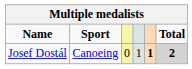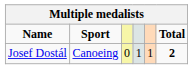 <table class=wikitable style="font-size:85%; float:right; text-align:center">
 <tr bgcolor=EFEFEF>
 <th colspan=7>Multiple medalists</th>
 </tr>
 <tr>
 <td><strong>Name</strong></td>
 <td><strong>Sport</strong></td>
 <td bgcolor=F7F6A8></td>
 <td bgcolor=DCE5E5></td>
 <td bgcolor=FFDAB9></td>
 <td><strong>Total</strong></td>
 </tr>
 <tr>
 <td><a href='#'>Josef Dostál</a></td>
 <td><a href='#'>Canoeing</a></td>
 <td bgcolor=F7F6A8>0</td>
 <td bgcolor=DCE5E5>1</td>
-<td bgcolor=FFDAB9><strong>1</strong></td>
-<td style="background: lightgrey;"><strong>2</strong></td>
+<td bgcolor=FFDAB9>1</td>
+<td><strong>2</strong></td>
 </tr>
 </table>
